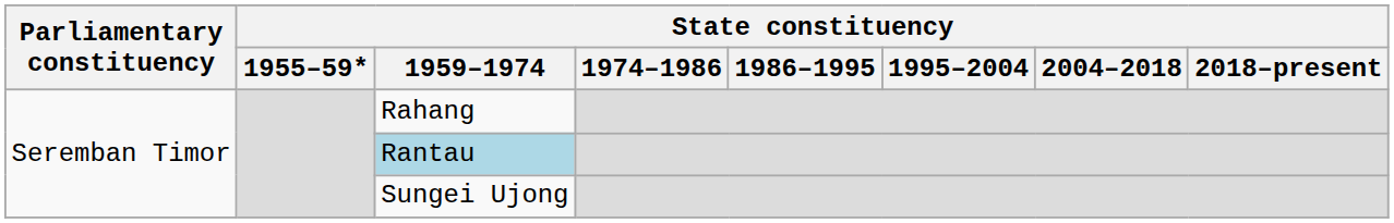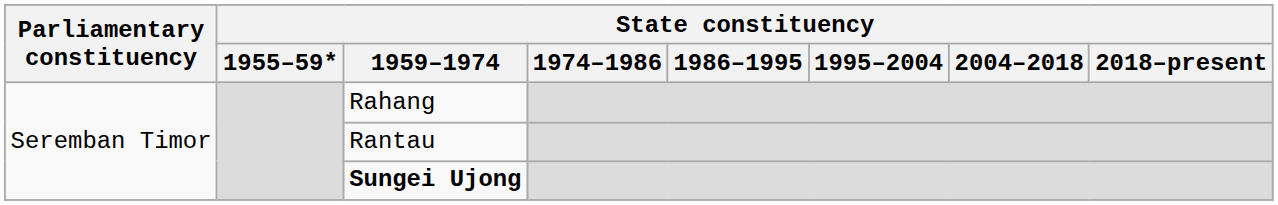 <table class="wikitable">
 <tr>
 <th rowspan="2">Parliamentary<br>constituency</th>
 <th colspan="7">State constituency</th>
 </tr>
 <tr>
 <th>1955–59*</th>
 <th>1959–1974</th>
 <th>1974–1986</th>
 <th>1986–1995</th>
 <th>1995–2004</th>
 <th>2004–2018</th>
 <th>2018–present</th>
 </tr>
 <tr>
 <td rowspan="3">Seremban Timor</td>
 <td rowspan="3" bgcolor="dcdcdc"></td>
 <td>Rahang</td>
 <td colspan="5" bgcolor="dcdcdc"></td>
 </tr>
 <tr>
-<td style="background: lightblue;">Rantau</td>
+<td>Rantau</td>
 <td colspan="5" bgcolor="dcdcdc"></td>
 </tr>
 <tr>
-<td>Sungei Ujong</td>
+<td><strong>Sungei Ujong</strong></td>
 <td colspan="5" bgcolor="dcdcdc"></td>
 </tr>
 </table>
